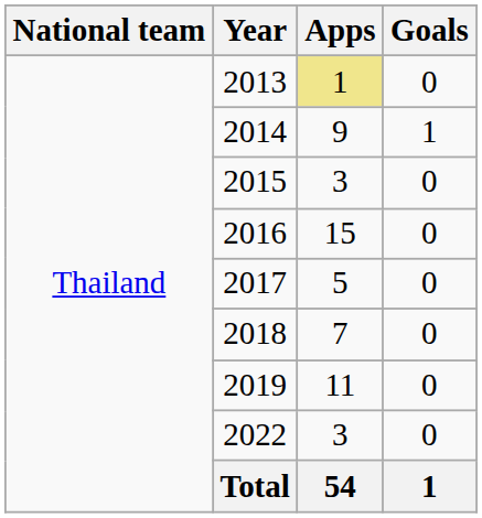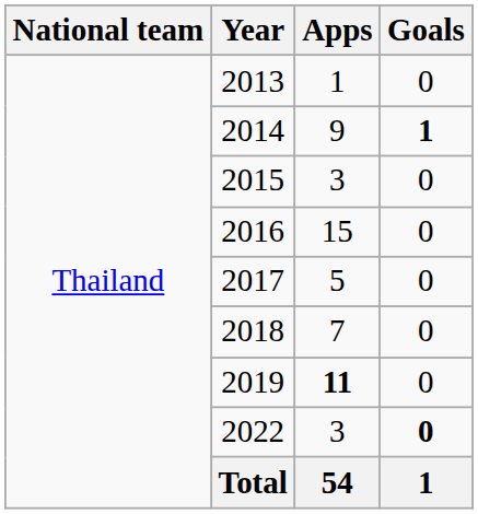 <table class="wikitable" style="text-align:center">
 <tr>
 <th>National team</th>
 <th>Year</th>
 <th>Apps</th>
 <th>Goals</th>
 </tr>
 <tr>
 <td rowspan="9" valign="center"><a href='#'>Thailand</a></td>
 <td>2013</td>
-<td style="background: khaki;">1</td>
+<td>1</td>
 <td>0</td>
 </tr>
 <tr>
 <td>2014</td>
 <td>9</td>
-<td>1</td>
+<td><strong>1</strong></td>
 </tr>
 <tr>
 <td>2015</td>
 <td>3</td>
 <td>0</td>
 </tr>
 <tr>
 <td>2016</td>
 <td>15</td>
 <td>0</td>
 </tr>
 <tr>
 <td>2017</td>
 <td>5</td>
 <td>0</td>
 </tr>
 <tr>
 <td>2018</td>
 <td>7</td>
 <td>0</td>
 </tr>
 <tr>
 <td>2019</td>
-<td>11</td>
+<td><strong>11</strong></td>
 <td>0</td>
 </tr>
 <tr>
 <td>2022</td>
 <td>3</td>
-<td>0</td>
+<td><strong>0</strong></td>
 </tr>
 <tr>
 <th>Total</th>
 <th>54</th>
 <th>1</th>
 </tr>
 </table>
